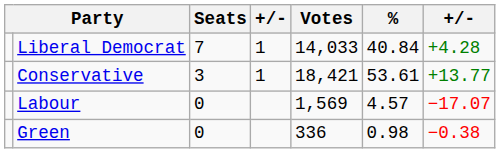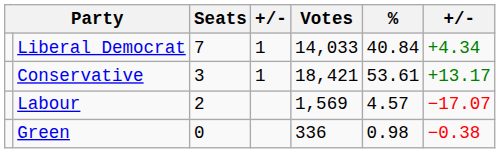 <table class="wikitable">
 <tr>
 <th colspan="2">Party</th>
 <th>Seats</th>
 <th>+/-</th>
 <th>Votes</th>
 <th>%</th>
 <th>+/-</th>
 </tr>
 <tr>
 <td style="background-color: "></td>
 <td><a href='#'>Liberal Democrat</a></td>
 <td>7</td>
 <td> 1</td>
 <td>14,033</td>
 <td>40.84</td>
-<td style="color:green">+4.28</td>
+<td style="color:green">+4.34</td>
 </tr>
 <tr>
 <td style="background-color: "></td>
 <td><a href='#'>Conservative</a></td>
 <td>3</td>
 <td> 1</td>
 <td>18,421</td>
 <td>53.61</td>
-<td style="color:green">+13.77</td>
+<td style="color:green">+13.17</td>
 </tr>
 <tr>
 <td style="background-color: "></td>
 <td><a href='#'>Labour</a></td>
-<td>0</td>
+<td>2</td>
 <td></td>
 <td>1,569</td>
 <td>4.57</td>
 <td style="color:red">−17.07</td>
 </tr>
 <tr>
 <td style="background-color: "></td>
 <td><a href='#'>Green</a></td>
 <td>0</td>
 <td></td>
 <td>336</td>
 <td>0.98</td>
 <td style="color:red">−0.38</td>
 </tr>
 </table>
